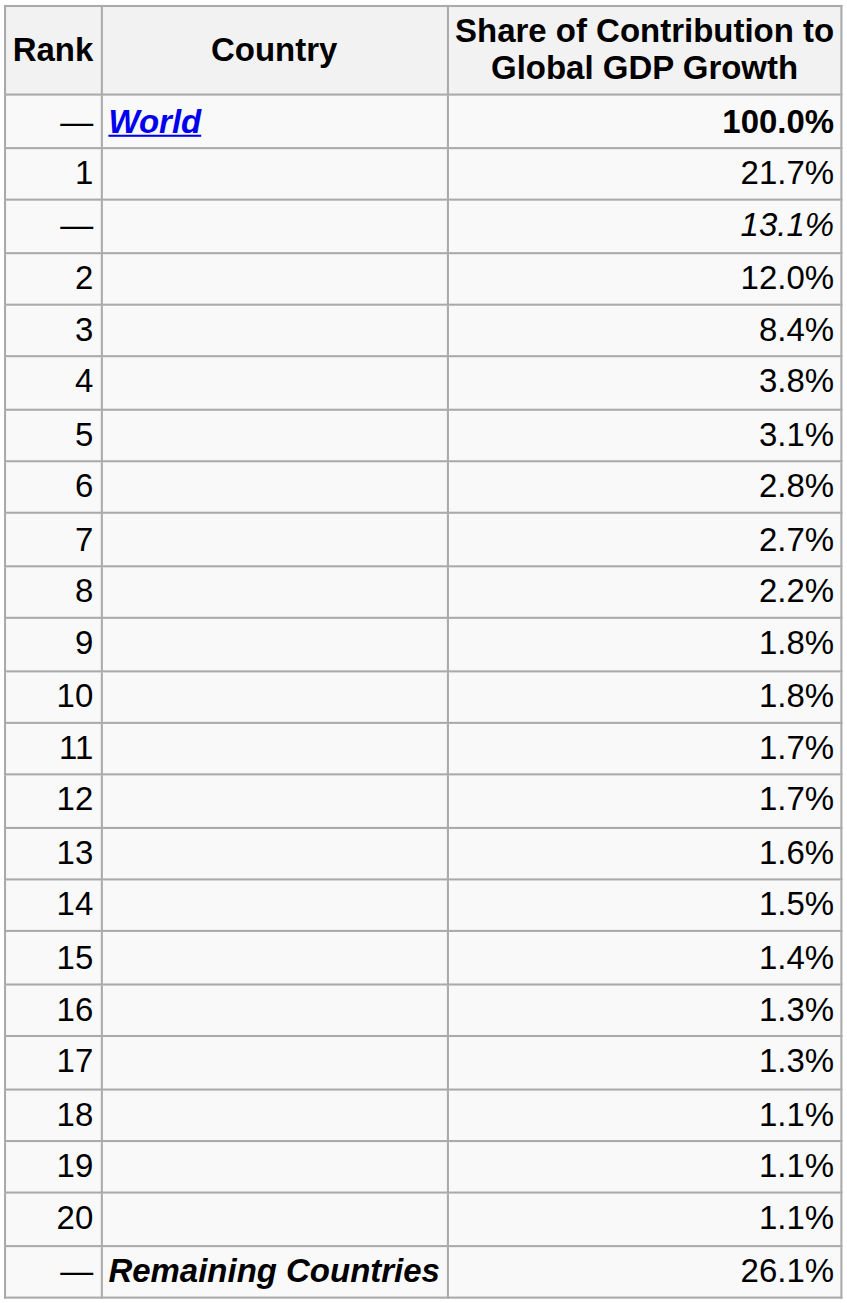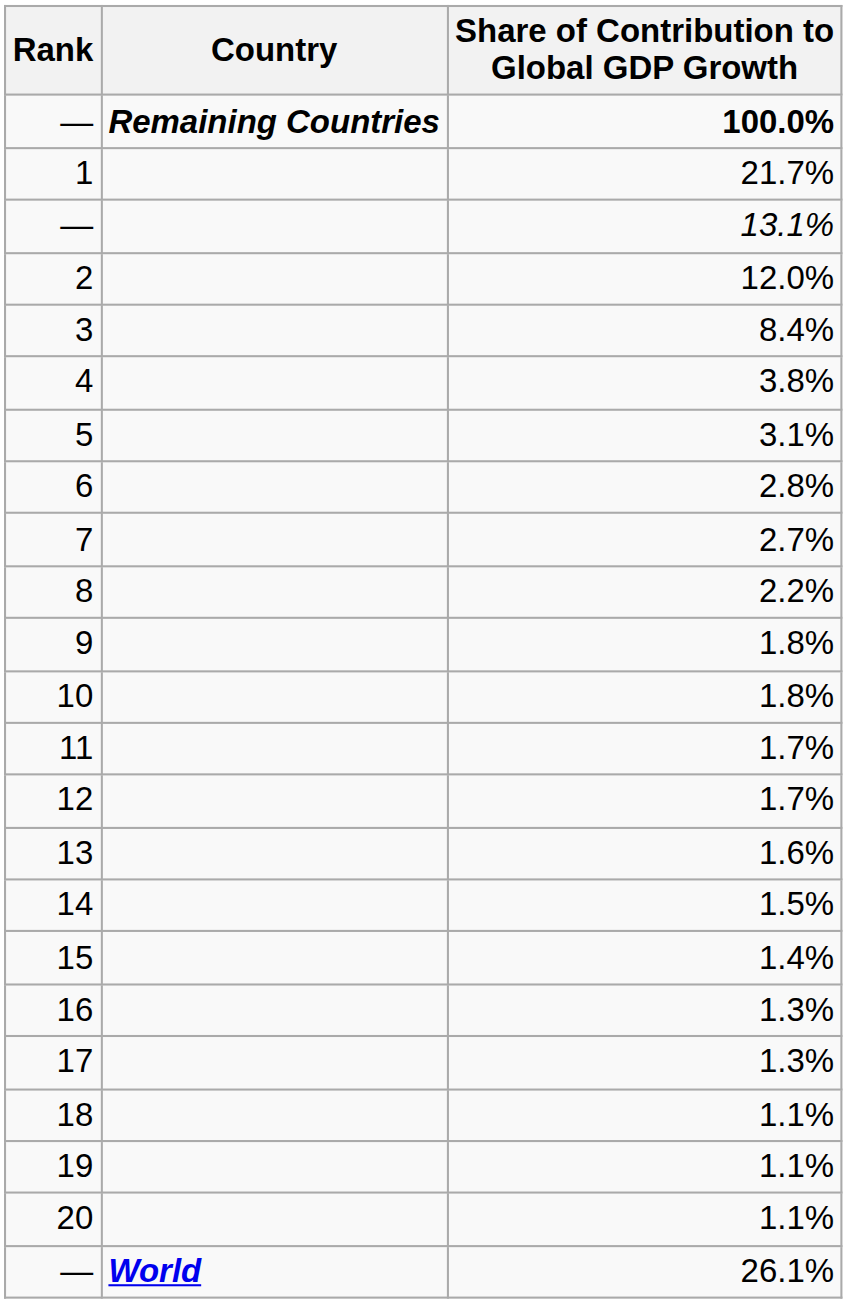 <table class="wikitable" style="text-align: right; display:inline-table;">
 <tr>
 <th style="width:2em;">Rank</th>
 <th>Country</th>
 <th>Share of Contribution to<br>Global GDP Growth</th>
 </tr>
 <tr>
 <td>—</td>
-<td align=left> <strong><em><a href='#'>World</a></em></strong></td>
+<td align=left><strong><em>Remaining Countries</em></strong></td>
 <td><strong>100.0%</strong></td>
 </tr>
 <tr>
 <td>1</td>
 <td align=left><strong></strong></td>
 <td>21.7%</td>
 </tr>
 <tr>
 <td>—</td>
 <td align=left><strong><em></em></strong></td>
 <td><em>13.1%</em></td>
 </tr>
 <tr>
 <td>2</td>
 <td align=left><strong></strong></td>
 <td>12.0%</td>
 </tr>
 <tr>
 <td>3</td>
 <td align=left><strong></strong></td>
 <td>8.4%</td>
 </tr>
 <tr>
 <td>4</td>
 <td align=left><strong></strong></td>
 <td>3.8%</td>
 </tr>
 <tr>
 <td>5</td>
 <td align=left><strong></strong></td>
 <td>3.1%</td>
 </tr>
 <tr>
 <td>6</td>
 <td align=left><strong></strong></td>
 <td>2.8%</td>
 </tr>
 <tr>
 <td>7</td>
 <td align=left><strong></strong></td>
 <td>2.7%</td>
 </tr>
 <tr>
 <td>8</td>
 <td align=left><strong></strong></td>
 <td>2.2%</td>
 </tr>
 <tr>
 <td>9</td>
 <td align=left><strong></strong></td>
 <td>1.8%</td>
 </tr>
 <tr>
 <td>10</td>
 <td align=left><strong></strong></td>
 <td>1.8%</td>
 </tr>
 <tr>
 <td>11</td>
 <td align=left><strong></strong></td>
 <td>1.7%</td>
 </tr>
 <tr>
 <td>12</td>
 <td align=left><strong></strong></td>
 <td>1.7%</td>
 </tr>
 <tr>
 <td>13</td>
 <td align=left><strong></strong></td>
 <td>1.6%</td>
 </tr>
 <tr>
 <td>14</td>
 <td align=left><strong></strong></td>
 <td>1.5%</td>
 </tr>
 <tr>
 <td>15</td>
 <td align=left><strong></strong></td>
 <td>1.4%</td>
 </tr>
 <tr>
 <td>16</td>
 <td align=left><strong></strong></td>
 <td>1.3%</td>
 </tr>
 <tr>
 <td>17</td>
 <td align=left><strong></strong></td>
 <td>1.3%</td>
 </tr>
 <tr>
 <td>18</td>
 <td align=left><strong></strong></td>
 <td>1.1%</td>
 </tr>
 <tr>
 <td>19</td>
 <td align=left><strong></strong></td>
 <td>1.1%</td>
 </tr>
 <tr>
 <td>20</td>
 <td align=left><strong></strong></td>
 <td>1.1%</td>
 </tr>
 <tr>
 <td>—</td>
-<td align=left><strong><em>Remaining Countries</em></strong></td>
+<td align=left> <strong><em><a href='#'>World</a></em></strong></td>
 <td>26.1%</td>
 </tr>
 </table>
